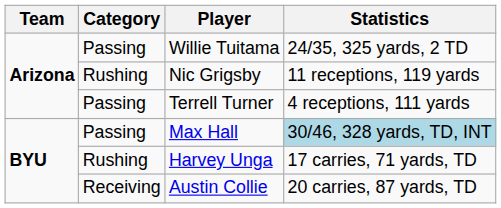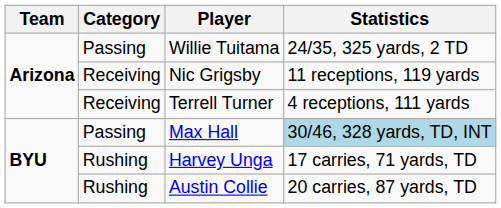 <table class="wikitable" style="float: right;">
 <tr>
 <th>Team</th>
 <th>Category</th>
 <th>Player</th>
 <th>Statistics</th>
 </tr>
 <tr>
 <td rowspan=3><strong>Arizona</strong></td>
 <td>Passing</td>
 <td>Willie Tuitama</td>
 <td>24/35, 325 yards, 2 TD</td>
 </tr>
 <tr>
-<td>Rushing</td>
+<td>Receiving</td>
 <td>Nic Grigsby</td>
 <td>11 receptions, 119 yards</td>
 </tr>
 <tr>
-<td>Passing</td>
+<td>Receiving</td>
 <td>Terrell Turner</td>
 <td>4 receptions, 111 yards</td>
 </tr>
 <tr>
 <td rowspan=3><strong>BYU</strong></td>
 <td>Passing</td>
 <td><a href='#'>Max Hall</a></td>
 <td style="background: lightblue;">30/46, 328 yards, TD, INT</td>
 </tr>
 <tr>
 <td>Rushing</td>
 <td><a href='#'>Harvey Unga</a></td>
 <td>17 carries, 71 yards, TD</td>
 </tr>
 <tr>
-<td>Receiving</td>
+<td>Rushing</td>
 <td><a href='#'>Austin Collie</a></td>
 <td>20 carries, 87 yards, TD</td>
 </tr>
 </table>
